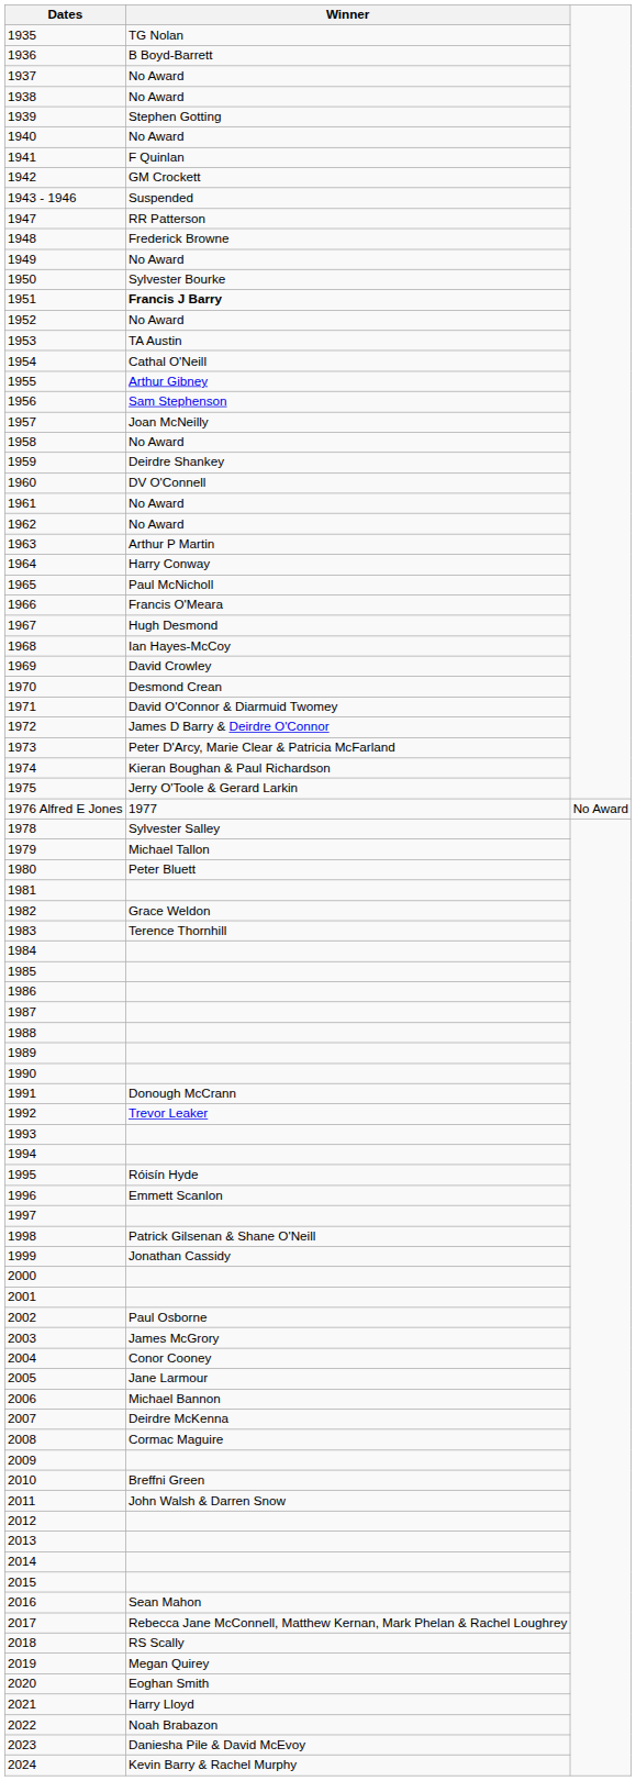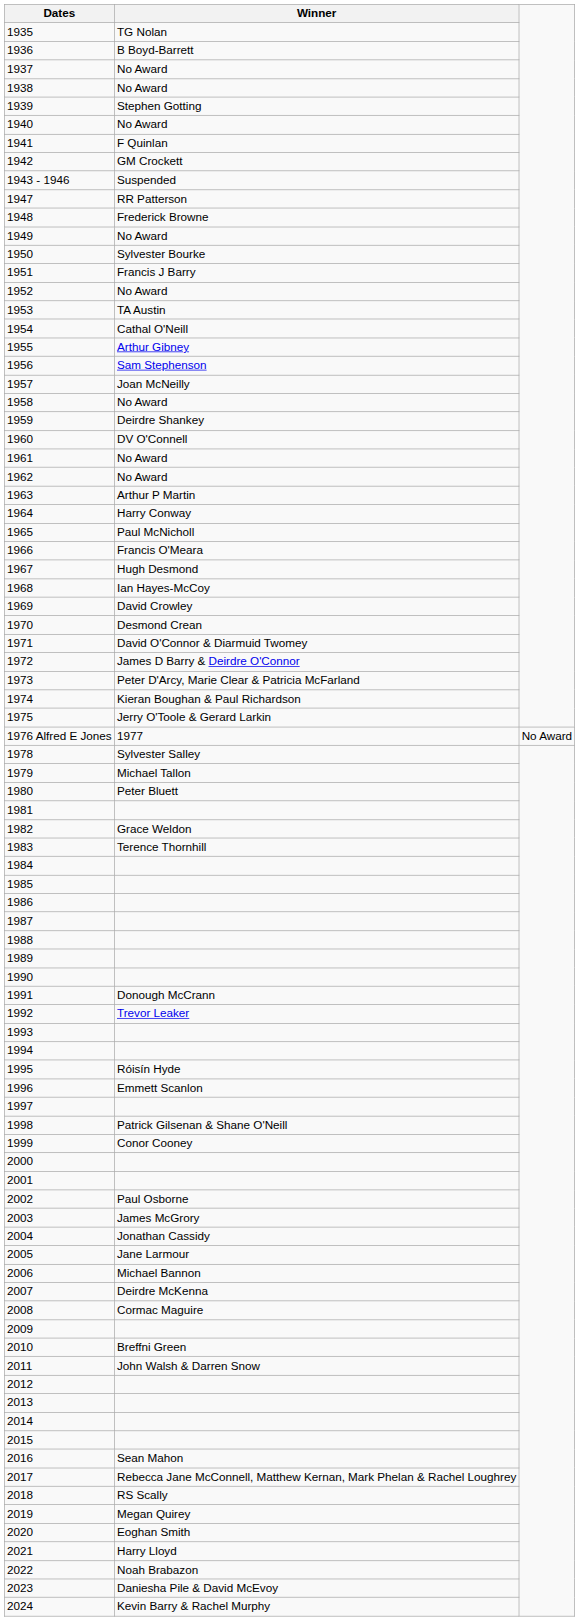 <table class="wikitable">
 <tr>
 <th>Dates</th>
 <th>Winner</th>
 </tr>
 <tr>
 <td>1935</td>
 <td>TG Nolan</td>
 </tr>
 <tr>
 <td>1936</td>
 <td>B Boyd-Barrett</td>
 </tr>
 <tr>
 <td>1937</td>
 <td>No Award</td>
 </tr>
 <tr>
 <td>1938</td>
 <td>No Award</td>
 </tr>
 <tr>
 <td>1939</td>
 <td>Stephen Gotting</td>
 </tr>
 <tr>
 <td>1940</td>
 <td>No Award</td>
 </tr>
 <tr>
 <td>1941</td>
 <td>F Quinlan</td>
 </tr>
 <tr>
 <td>1942</td>
 <td>GM Crockett</td>
 </tr>
 <tr>
 <td>1943 - 1946</td>
 <td>Suspended</td>
 </tr>
 <tr>
 <td>1947</td>
 <td>RR Patterson</td>
 </tr>
 <tr>
 <td>1948</td>
 <td>Frederick Browne</td>
 </tr>
 <tr>
 <td>1949</td>
 <td>No Award</td>
 </tr>
 <tr>
 <td>1950</td>
 <td>Sylvester Bourke</td>
 </tr>
 <tr>
 <td>1951</td>
-<td><strong>Francis J Barry</strong></td>
+<td>Francis J Barry</td>
 </tr>
 <tr>
 <td>1952</td>
 <td>No Award</td>
 </tr>
 <tr>
 <td>1953</td>
 <td>TA Austin</td>
 </tr>
 <tr>
 <td>1954</td>
 <td>Cathal O'Neill</td>
 </tr>
 <tr>
 <td>1955</td>
 <td><a href='#'>Arthur Gibney</a></td>
 </tr>
 <tr>
 <td>1956</td>
 <td><a href='#'>Sam Stephenson</a></td>
 </tr>
 <tr>
 <td>1957</td>
 <td>Joan McNeilly</td>
 </tr>
 <tr>
 <td>1958</td>
 <td>No Award</td>
 </tr>
 <tr>
 <td>1959</td>
 <td>Deirdre Shankey</td>
 </tr>
 <tr>
 <td>1960</td>
 <td>DV O'Connell</td>
 </tr>
 <tr>
 <td>1961</td>
 <td>No Award</td>
 </tr>
 <tr>
 <td>1962</td>
 <td>No Award</td>
 </tr>
 <tr>
 <td>1963</td>
 <td>Arthur P Martin</td>
 </tr>
 <tr>
 <td>1964</td>
 <td>Harry Conway</td>
 </tr>
 <tr>
 <td>1965</td>
 <td>Paul McNicholl</td>
 </tr>
 <tr>
 <td>1966</td>
 <td>Francis O'Meara</td>
 </tr>
 <tr>
 <td>1967</td>
 <td>Hugh Desmond</td>
 </tr>
 <tr>
 <td>1968</td>
 <td>Ian Hayes-McCoy</td>
 </tr>
 <tr>
 <td>1969</td>
 <td>David Crowley</td>
 </tr>
 <tr>
 <td>1970</td>
 <td>Desmond Crean</td>
 </tr>
 <tr>
 <td>1971</td>
 <td>David O'Connor & Diarmuid Twomey</td>
 </tr>
 <tr>
 <td>1972</td>
 <td>James D Barry & <a href='#'>Deirdre O'Connor</a></td>
 </tr>
 <tr>
 <td>1973</td>
 <td>Peter D'Arcy, Marie Clear & Patricia McFarland</td>
 </tr>
 <tr>
 <td>1974</td>
 <td>Kieran Boughan & Paul Richardson</td>
 </tr>
 <tr>
 <td>1975</td>
 <td>Jerry O'Toole & Gerard Larkin</td>
 </tr>
 <tr>
 <td>1976          Alfred E Jones</td>
 <td>1977</td>
 <td>No Award</td>
 </tr>
 <tr>
 <td>1978</td>
 <td>Sylvester Salley</td>
 </tr>
 <tr>
 <td>1979</td>
 <td>Michael Tallon</td>
 </tr>
 <tr>
 <td>1980</td>
 <td>Peter Bluett</td>
 </tr>
 <tr>
 <td>1981</td>
 <td></td>
 </tr>
 <tr>
 <td>1982</td>
 <td>Grace Weldon</td>
 </tr>
 <tr>
 <td>1983</td>
 <td>Terence Thornhill</td>
 </tr>
 <tr>
 <td>1984</td>
 <td></td>
 </tr>
 <tr>
 <td>1985</td>
 <td></td>
 </tr>
 <tr>
 <td>1986</td>
 <td></td>
 </tr>
 <tr>
 <td>1987</td>
 <td></td>
 </tr>
 <tr>
 <td>1988</td>
 <td></td>
 </tr>
 <tr>
 <td>1989</td>
 <td></td>
 </tr>
 <tr>
 <td>1990</td>
 <td></td>
 </tr>
 <tr>
 <td>1991</td>
 <td>Donough McCrann</td>
 </tr>
 <tr>
 <td>1992</td>
 <td><a href='#'>Trevor Leaker</a></td>
 </tr>
 <tr>
 <td>1993</td>
 <td></td>
 </tr>
 <tr>
 <td>1994</td>
 <td></td>
 </tr>
 <tr>
 <td>1995</td>
 <td>Róisín Hyde</td>
 </tr>
 <tr>
 <td>1996</td>
 <td>Emmett Scanlon</td>
 </tr>
 <tr>
 <td>1997</td>
 <td></td>
 </tr>
 <tr>
 <td>1998</td>
 <td>Patrick Gilsenan & Shane O'Neill</td>
 </tr>
 <tr>
 <td>1999</td>
-<td>Jonathan Cassidy</td>
+<td>Conor Cooney</td>
 </tr>
 <tr>
 <td>2000</td>
 <td></td>
 </tr>
 <tr>
 <td>2001</td>
 <td></td>
 </tr>
 <tr>
 <td>2002</td>
 <td>Paul Osborne</td>
 </tr>
 <tr>
 <td>2003</td>
 <td>James McGrory</td>
 </tr>
 <tr>
 <td>2004</td>
-<td>Conor Cooney</td>
+<td>Jonathan Cassidy</td>
 </tr>
 <tr>
 <td>2005</td>
 <td>Jane Larmour</td>
 </tr>
 <tr>
 <td>2006</td>
 <td>Michael Bannon</td>
 </tr>
 <tr>
 <td>2007</td>
 <td>Deirdre McKenna</td>
 </tr>
 <tr>
 <td>2008</td>
 <td>Cormac Maguire</td>
 </tr>
 <tr>
 <td>2009</td>
 <td></td>
 </tr>
 <tr>
 <td>2010</td>
 <td>Breffni Green</td>
 </tr>
 <tr>
 <td>2011</td>
 <td>John Walsh & Darren Snow</td>
 </tr>
 <tr>
 <td>2012</td>
 <td></td>
 </tr>
 <tr>
 <td>2013</td>
 <td></td>
 </tr>
 <tr>
 <td>2014</td>
 <td></td>
 </tr>
 <tr>
 <td>2015</td>
 <td></td>
 </tr>
 <tr>
 <td>2016</td>
 <td>Sean Mahon</td>
 </tr>
 <tr>
 <td>2017</td>
 <td>Rebecca Jane McConnell, Matthew Kernan, Mark Phelan & Rachel Loughrey</td>
 </tr>
 <tr>
 <td>2018</td>
 <td>RS Scally</td>
 </tr>
 <tr>
 <td>2019</td>
 <td>Megan Quirey</td>
 </tr>
 <tr>
 <td>2020</td>
 <td>Eoghan Smith</td>
 </tr>
 <tr>
 <td>2021</td>
 <td>Harry Lloyd</td>
 </tr>
 <tr>
 <td>2022</td>
 <td>Noah Brabazon</td>
 </tr>
 <tr>
 <td>2023</td>
 <td>Daniesha Pile & David McEvoy</td>
 </tr>
 <tr>
 <td>2024</td>
 <td>Kevin Barry & Rachel Murphy</td>
 </tr>
 </table>
